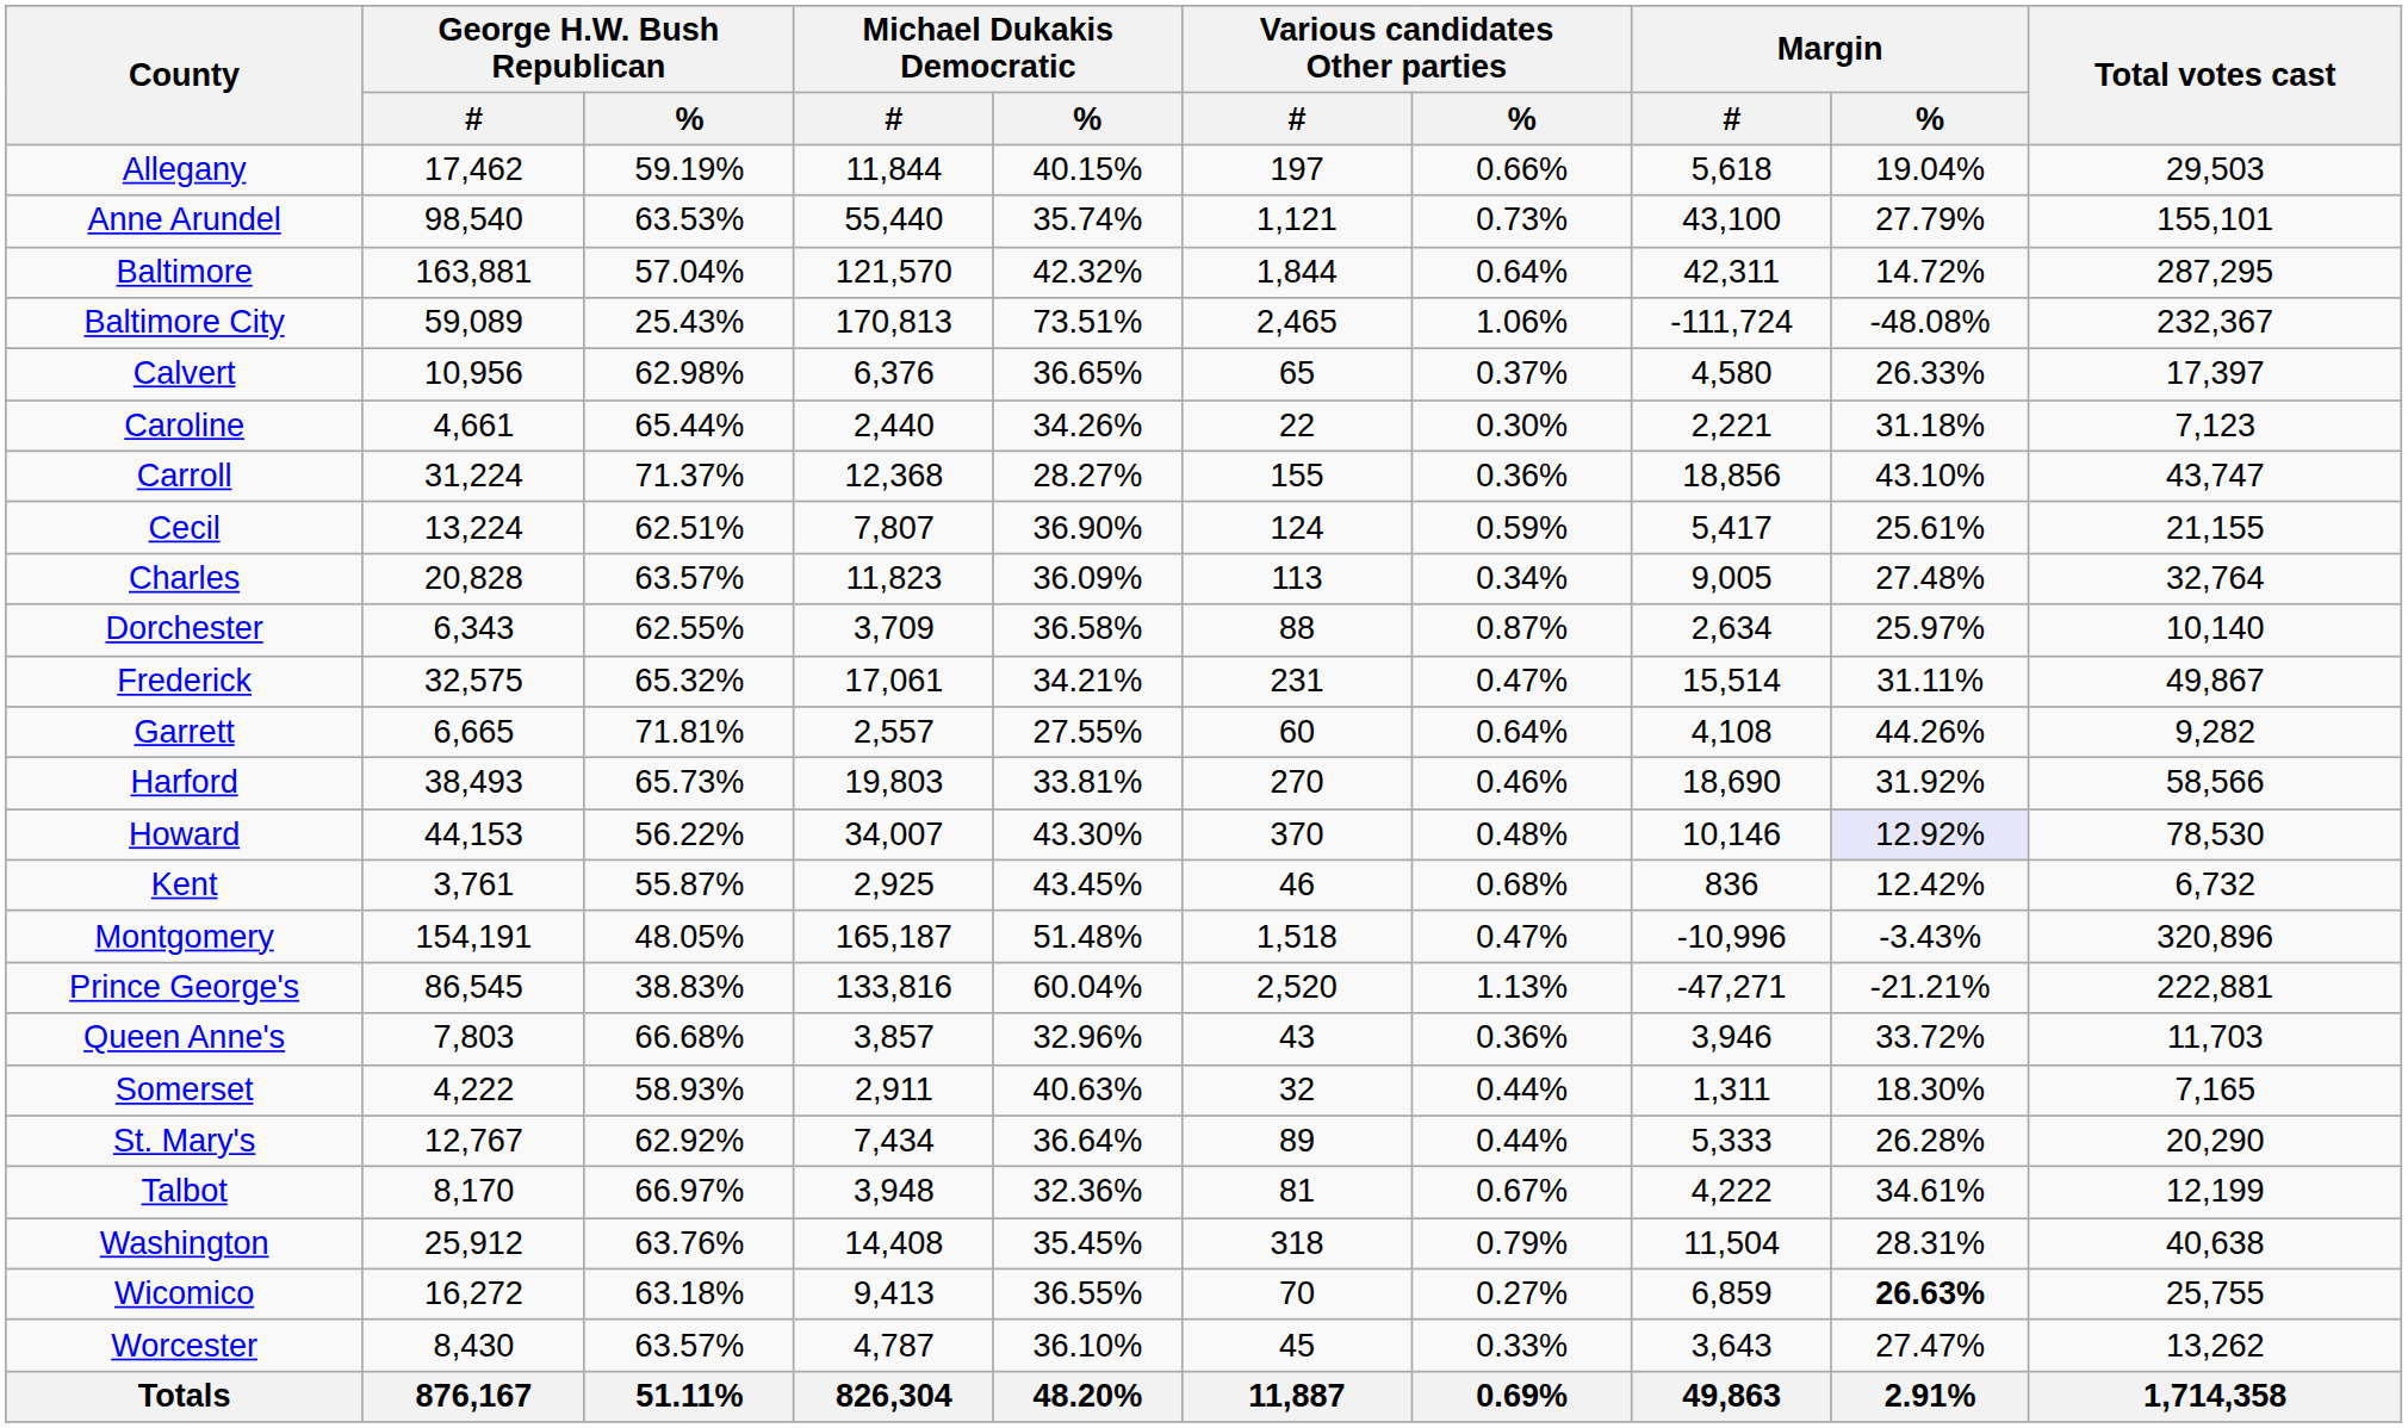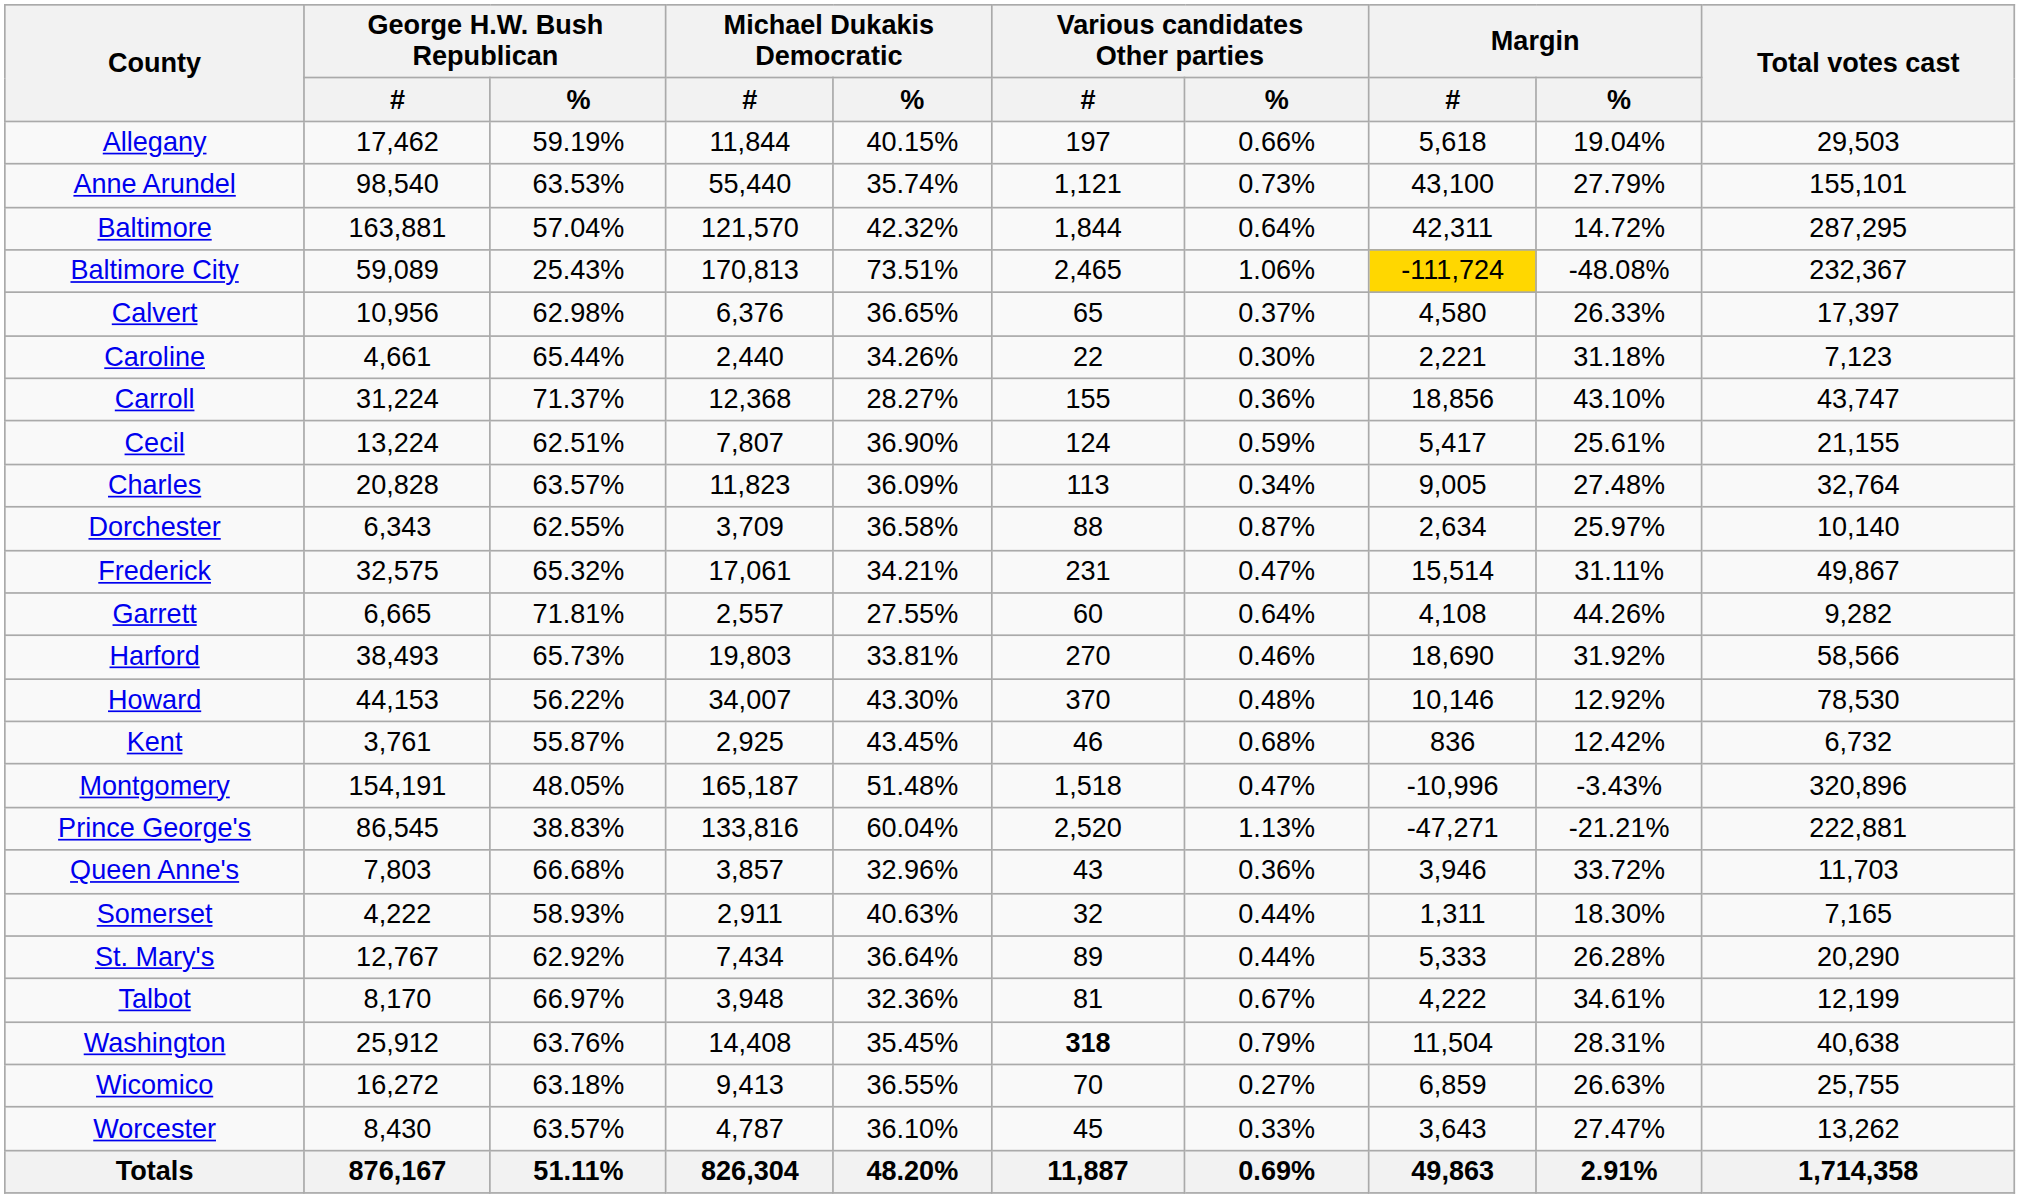 <table width="60%"  class="wikitable sortable" style="text-align:center">
 <tr>
 <th style="text-align:center;" rowspan="2">County</th>
 <th style="text-align:center;" colspan="2">George H.W. Bush<br>Republican</th>
 <th style="text-align:center;" colspan="2">Michael Dukakis<br>Democratic</th>
 <th style="text-align:center;" colspan="2">Various candidates<br>Other parties</th>
 <th style="text-align:center;" colspan="2">Margin</th>
 <th style="text-align:center;" rowspan="2">Total votes cast</th>
 </tr>
 <tr>
 <th style="text-align:center;" data-sort-type="number">#</th>
 <th style="text-align:center;" data-sort-type="number">%</th>
 <th style="text-align:center;" data-sort-type="number">#</th>
 <th style="text-align:center;" data-sort-type="number">%</th>
 <th style="text-align:center;" data-sort-type="number">#</th>
 <th style="text-align:center;" data-sort-type="number">%</th>
 <th style="text-align:center;" data-sort-type="number">#</th>
 <th style="text-align:center;" data-sort-type="number">%</th>
 </tr>
 <tr style="text-align:center;">
 <td><a href='#'>Allegany</a></td>
 <td>17,462</td>
 <td>59.19%</td>
 <td>11,844</td>
 <td>40.15%</td>
 <td>197</td>
 <td>0.66%</td>
 <td>5,618</td>
 <td>19.04%</td>
 <td>29,503</td>
 </tr>
 <tr style="text-align:center;">
 <td><a href='#'>Anne Arundel</a></td>
 <td>98,540</td>
 <td>63.53%</td>
 <td>55,440</td>
 <td>35.74%</td>
 <td>1,121</td>
 <td>0.73%</td>
 <td>43,100</td>
 <td>27.79%</td>
 <td>155,101</td>
 </tr>
 <tr style="text-align:center;">
 <td><a href='#'>Baltimore</a></td>
 <td>163,881</td>
 <td>57.04%</td>
 <td>121,570</td>
 <td>42.32%</td>
 <td>1,844</td>
 <td>0.64%</td>
 <td>42,311</td>
 <td>14.72%</td>
 <td>287,295</td>
 </tr>
 <tr style="text-align:center;">
 <td><a href='#'>Baltimore City</a></td>
 <td>59,089</td>
 <td>25.43%</td>
 <td>170,813</td>
 <td>73.51%</td>
 <td>2,465</td>
 <td>1.06%</td>
-<td>-111,724</td>
+<td style="background: gold;">-111,724</td>
 <td>-48.08%</td>
 <td>232,367</td>
 </tr>
 <tr style="text-align:center;">
 <td><a href='#'>Calvert</a></td>
 <td>10,956</td>
 <td>62.98%</td>
 <td>6,376</td>
 <td>36.65%</td>
 <td>65</td>
 <td>0.37%</td>
 <td>4,580</td>
 <td>26.33%</td>
 <td>17,397</td>
 </tr>
 <tr style="text-align:center;">
 <td><a href='#'>Caroline</a></td>
 <td>4,661</td>
 <td>65.44%</td>
 <td>2,440</td>
 <td>34.26%</td>
 <td>22</td>
 <td>0.30%</td>
 <td>2,221</td>
 <td>31.18%</td>
 <td>7,123</td>
 </tr>
 <tr style="text-align:center;">
 <td><a href='#'>Carroll</a></td>
 <td>31,224</td>
 <td>71.37%</td>
 <td>12,368</td>
 <td>28.27%</td>
 <td>155</td>
 <td>0.36%</td>
 <td>18,856</td>
 <td>43.10%</td>
 <td>43,747</td>
 </tr>
 <tr style="text-align:center;">
 <td><a href='#'>Cecil</a></td>
 <td>13,224</td>
 <td>62.51%</td>
 <td>7,807</td>
 <td>36.90%</td>
 <td>124</td>
 <td>0.59%</td>
 <td>5,417</td>
 <td>25.61%</td>
 <td>21,155</td>
 </tr>
 <tr style="text-align:center;">
 <td><a href='#'>Charles</a></td>
 <td>20,828</td>
 <td>63.57%</td>
 <td>11,823</td>
 <td>36.09%</td>
 <td>113</td>
 <td>0.34%</td>
 <td>9,005</td>
 <td>27.48%</td>
 <td>32,764</td>
 </tr>
 <tr style="text-align:center;">
 <td><a href='#'>Dorchester</a></td>
 <td>6,343</td>
 <td>62.55%</td>
 <td>3,709</td>
 <td>36.58%</td>
 <td>88</td>
 <td>0.87%</td>
 <td>2,634</td>
 <td>25.97%</td>
 <td>10,140</td>
 </tr>
 <tr style="text-align:center;">
 <td><a href='#'>Frederick</a></td>
 <td>32,575</td>
 <td>65.32%</td>
 <td>17,061</td>
 <td>34.21%</td>
 <td>231</td>
 <td>0.47%</td>
 <td>15,514</td>
 <td>31.11%</td>
 <td>49,867</td>
 </tr>
 <tr style="text-align:center;">
 <td><a href='#'>Garrett</a></td>
 <td>6,665</td>
 <td>71.81%</td>
 <td>2,557</td>
 <td>27.55%</td>
 <td>60</td>
 <td>0.64%</td>
 <td>4,108</td>
 <td>44.26%</td>
 <td>9,282</td>
 </tr>
 <tr style="text-align:center;">
 <td><a href='#'>Harford</a></td>
 <td>38,493</td>
 <td>65.73%</td>
 <td>19,803</td>
 <td>33.81%</td>
 <td>270</td>
 <td>0.46%</td>
 <td>18,690</td>
 <td>31.92%</td>
 <td>58,566</td>
 </tr>
 <tr style="text-align:center;">
 <td><a href='#'>Howard</a></td>
 <td>44,153</td>
 <td>56.22%</td>
 <td>34,007</td>
 <td>43.30%</td>
 <td>370</td>
 <td>0.48%</td>
 <td>10,146</td>
-<td style="background: lavender;">12.92%</td>
+<td>12.92%</td>
 <td>78,530</td>
 </tr>
 <tr style="text-align:center;">
 <td><a href='#'>Kent</a></td>
 <td>3,761</td>
 <td>55.87%</td>
 <td>2,925</td>
 <td>43.45%</td>
 <td>46</td>
 <td>0.68%</td>
 <td>836</td>
 <td>12.42%</td>
 <td>6,732</td>
 </tr>
 <tr style="text-align:center;">
 <td><a href='#'>Montgomery</a></td>
 <td>154,191</td>
 <td>48.05%</td>
 <td>165,187</td>
 <td>51.48%</td>
 <td>1,518</td>
 <td>0.47%</td>
 <td>-10,996</td>
 <td>-3.43%</td>
 <td>320,896</td>
 </tr>
 <tr style="text-align:center;">
 <td><a href='#'>Prince George's</a></td>
 <td>86,545</td>
 <td>38.83%</td>
 <td>133,816</td>
 <td>60.04%</td>
 <td>2,520</td>
 <td>1.13%</td>
 <td>-47,271</td>
 <td>-21.21%</td>
 <td>222,881</td>
 </tr>
 <tr style="text-align:center;">
 <td><a href='#'>Queen Anne's</a></td>
 <td>7,803</td>
 <td>66.68%</td>
 <td>3,857</td>
 <td>32.96%</td>
 <td>43</td>
 <td>0.36%</td>
 <td>3,946</td>
 <td>33.72%</td>
 <td>11,703</td>
 </tr>
 <tr style="text-align:center;">
 <td><a href='#'>Somerset</a></td>
 <td>4,222</td>
 <td>58.93%</td>
 <td>2,911</td>
 <td>40.63%</td>
 <td>32</td>
 <td>0.44%</td>
 <td>1,311</td>
 <td>18.30%</td>
 <td>7,165</td>
 </tr>
 <tr style="text-align:center;">
 <td><a href='#'>St. Mary's</a></td>
 <td>12,767</td>
 <td>62.92%</td>
 <td>7,434</td>
 <td>36.64%</td>
 <td>89</td>
 <td>0.44%</td>
 <td>5,333</td>
 <td>26.28%</td>
 <td>20,290</td>
 </tr>
 <tr style="text-align:center;">
 <td><a href='#'>Talbot</a></td>
 <td>8,170</td>
 <td>66.97%</td>
 <td>3,948</td>
 <td>32.36%</td>
 <td>81</td>
 <td>0.67%</td>
 <td>4,222</td>
 <td>34.61%</td>
 <td>12,199</td>
 </tr>
 <tr style="text-align:center;">
 <td><a href='#'>Washington</a></td>
 <td>25,912</td>
 <td>63.76%</td>
 <td>14,408</td>
 <td>35.45%</td>
-<td>318</td>
+<td><strong>318</strong></td>
 <td>0.79%</td>
 <td>11,504</td>
 <td>28.31%</td>
 <td>40,638</td>
 </tr>
 <tr style="text-align:center;">
 <td><a href='#'>Wicomico</a></td>
 <td>16,272</td>
 <td>63.18%</td>
 <td>9,413</td>
 <td>36.55%</td>
 <td>70</td>
 <td>0.27%</td>
 <td>6,859</td>
-<td><strong>26.63%</strong></td>
+<td>26.63%</td>
 <td>25,755</td>
 </tr>
 <tr style="text-align:center;">
 <td><a href='#'>Worcester</a></td>
 <td>8,430</td>
 <td>63.57%</td>
 <td>4,787</td>
 <td>36.10%</td>
 <td>45</td>
 <td>0.33%</td>
 <td>3,643</td>
 <td>27.47%</td>
 <td>13,262</td>
 </tr>
 <tr style="text-align:center;">
 <th>Totals</th>
 <th>876,167</th>
 <th>51.11%</th>
 <th>826,304</th>
 <th>48.20%</th>
 <th>11,887</th>
 <th>0.69%</th>
 <th>49,863</th>
 <th>2.91%</th>
 <th>1,714,358</th>
 </tr>
 </table>
